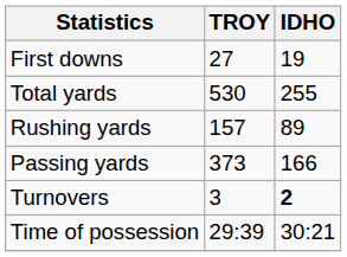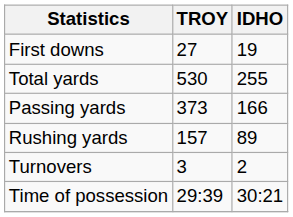 <table class="wikitable" style="float: left;">
 <tr>
 <th>Statistics</th>
 <th>TROY</th>
 <th>IDHO</th>
 </tr>
 <tr>
 <td>First downs</td>
 <td>27</td>
 <td>19</td>
 </tr>
 <tr>
 <td>Total yards</td>
 <td>530</td>
 <td>255</td>
 </tr>
 <tr>
+<td>Passing yards</td>
+<td>373</td>
+<td>166</td>
+</tr>
+<tr>
 <td>Rushing yards</td>
 <td>157</td>
 <td>89</td>
 </tr>
 <tr>
-<td>Passing yards</td>
-<td>373</td>
-<td>166</td>
-</tr>
-<tr>
 <td>Turnovers</td>
 <td>3</td>
-<td><strong>2</strong></td>
+<td>2</td>
 </tr>
 <tr>
 <td>Time of possession</td>
 <td>29:39</td>
 <td>30:21</td>
 </tr>
 <tr>
 </tr>
 </table>
